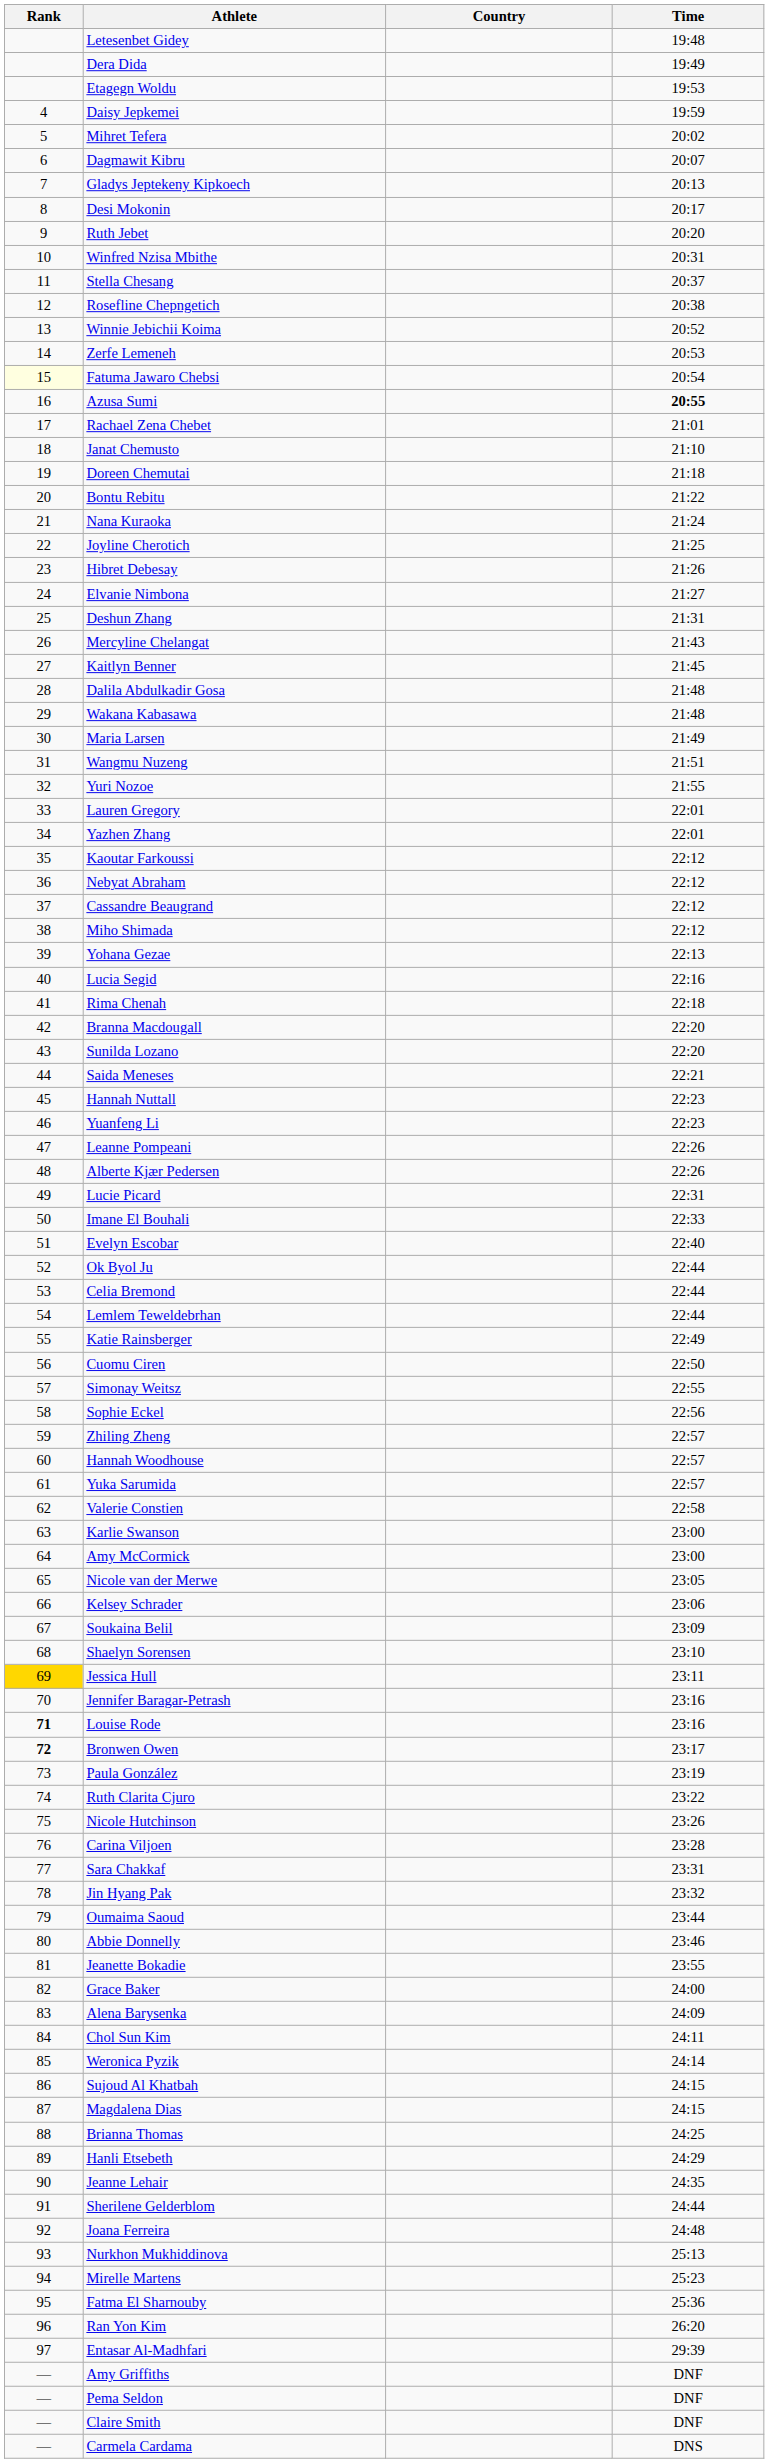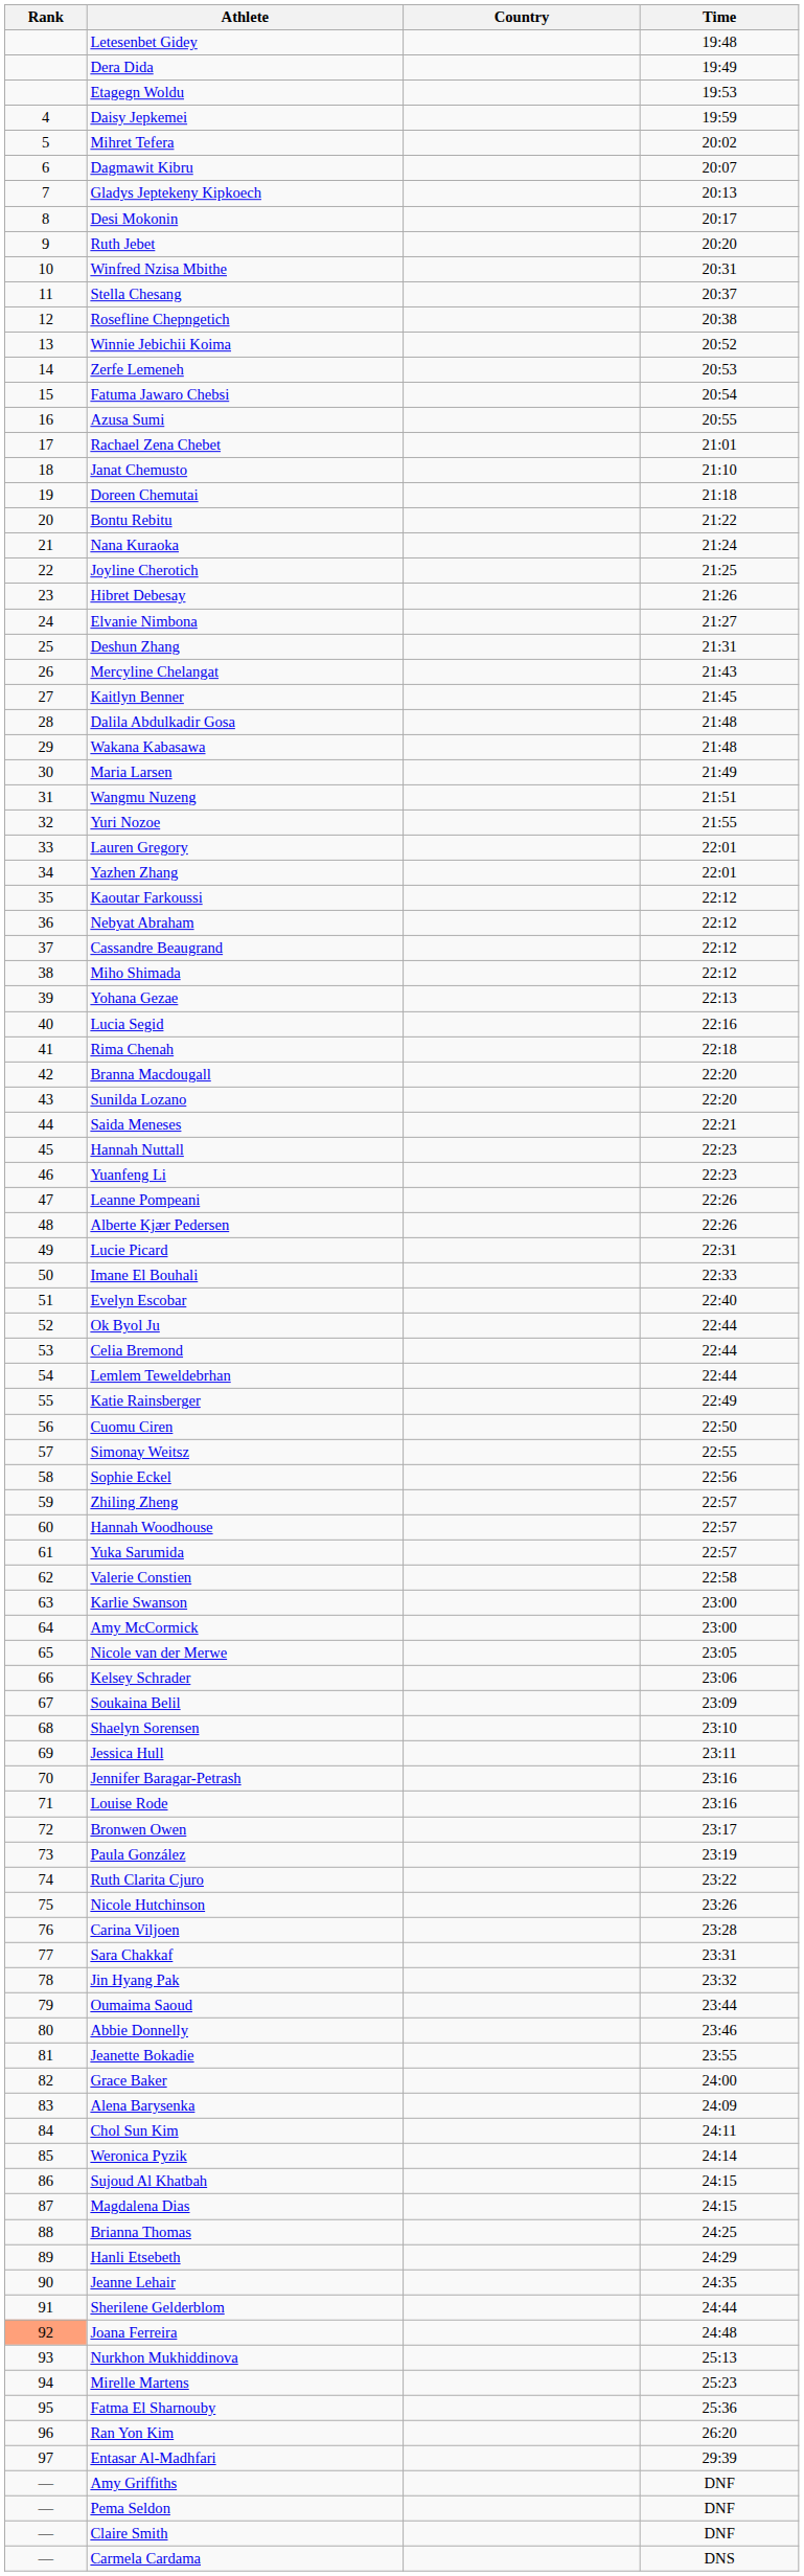 <table class="wikitable sortable" style=" text-align:center; font-size:95%;" width="50%">
 <tr>
 <th width=5%>Rank</th>
 <th width=20%>Athlete</th>
 <th width=15%>Country</th>
 <th width=10%>Time</th>
 </tr>
 <tr>
 <td align=center></td>
 <td align=left><a href='#'>Letesenbet Gidey</a></td>
 <td align=left></td>
 <td>19:48</td>
 </tr>
 <tr>
 <td align=center></td>
 <td align=left><a href='#'>Dera Dida</a></td>
 <td align=left></td>
 <td>19:49</td>
 </tr>
 <tr>
 <td align=center></td>
 <td align=left><a href='#'>Etagegn Woldu</a></td>
 <td align=left></td>
 <td>19:53</td>
 </tr>
 <tr>
 <td align=center>4</td>
 <td align=left><a href='#'>Daisy Jepkemei</a></td>
 <td align=left></td>
 <td>19:59</td>
 </tr>
 <tr>
 <td align=center>5</td>
 <td align=left><a href='#'>Mihret Tefera</a></td>
 <td align=left></td>
 <td>20:02</td>
 </tr>
 <tr>
 <td align=center>6</td>
 <td align=left><a href='#'>Dagmawit Kibru</a></td>
 <td align=left></td>
 <td>20:07</td>
 </tr>
 <tr>
 <td align=center>7</td>
 <td align=left><a href='#'>Gladys Jeptekeny Kipkoech</a></td>
 <td align=left></td>
 <td>20:13</td>
 </tr>
 <tr>
 <td align=center>8</td>
 <td align=left><a href='#'>Desi Mokonin</a></td>
 <td align=left></td>
 <td>20:17</td>
 </tr>
 <tr>
 <td align=center>9</td>
 <td align=left><a href='#'>Ruth Jebet</a></td>
 <td align=left></td>
 <td>20:20</td>
 </tr>
 <tr>
 <td align=center>10</td>
 <td align=left><a href='#'>Winfred Nzisa Mbithe</a></td>
 <td align=left></td>
 <td>20:31</td>
 </tr>
 <tr>
 <td align=center>11</td>
 <td align=left><a href='#'>Stella Chesang</a></td>
 <td align=left></td>
 <td>20:37</td>
 </tr>
 <tr>
 <td align=center>12</td>
 <td align=left><a href='#'>Rosefline Chepngetich</a></td>
 <td align=left></td>
 <td>20:38</td>
 </tr>
 <tr>
 <td align=center>13</td>
 <td align=left><a href='#'>Winnie Jebichii Koima</a></td>
 <td align=left></td>
 <td>20:52</td>
 </tr>
 <tr>
 <td align=center>14</td>
 <td align=left><a href='#'>Zerfe Lemeneh</a></td>
 <td align=left></td>
 <td>20:53</td>
 </tr>
 <tr>
-<td align=center style="background: lightyellow;">15</td>
+<td align=center>15</td>
 <td align=left><a href='#'>Fatuma Jawaro Chebsi</a></td>
 <td align=left></td>
 <td>20:54</td>
 </tr>
 <tr>
 <td align=center>16</td>
 <td align=left><a href='#'>Azusa Sumi</a></td>
 <td align=left></td>
-<td><strong>20:55</strong></td>
+<td>20:55</td>
 </tr>
 <tr>
 <td align=center>17</td>
 <td align=left><a href='#'>Rachael Zena Chebet</a></td>
 <td align=left></td>
 <td>21:01</td>
 </tr>
 <tr>
 <td align=center>18</td>
 <td align=left><a href='#'>Janat Chemusto</a></td>
 <td align=left></td>
 <td>21:10</td>
 </tr>
 <tr>
 <td align=center>19</td>
 <td align=left><a href='#'>Doreen Chemutai</a></td>
 <td align=left></td>
 <td>21:18</td>
 </tr>
 <tr>
 <td align=center>20</td>
 <td align=left><a href='#'>Bontu Rebitu</a></td>
 <td align=left></td>
 <td>21:22</td>
 </tr>
 <tr>
 <td align=center>21</td>
 <td align=left><a href='#'>Nana Kuraoka</a></td>
 <td align=left></td>
 <td>21:24</td>
 </tr>
 <tr>
 <td align=center>22</td>
 <td align=left><a href='#'>Joyline Cherotich</a></td>
 <td align=left></td>
 <td>21:25</td>
 </tr>
 <tr>
 <td align=center>23</td>
 <td align=left><a href='#'>Hibret Debesay</a></td>
 <td align=left></td>
 <td>21:26</td>
 </tr>
 <tr>
 <td align=center>24</td>
 <td align=left><a href='#'>Elvanie Nimbona</a></td>
 <td align=left></td>
 <td>21:27</td>
 </tr>
 <tr>
 <td align=center>25</td>
 <td align=left><a href='#'>Deshun Zhang</a></td>
 <td align=left></td>
 <td>21:31</td>
 </tr>
 <tr>
 <td align=center>26</td>
 <td align=left><a href='#'>Mercyline Chelangat</a></td>
 <td align=left></td>
 <td>21:43</td>
 </tr>
 <tr>
 <td align=center>27</td>
 <td align=left><a href='#'>Kaitlyn Benner</a></td>
 <td align=left></td>
 <td>21:45</td>
 </tr>
 <tr>
 <td align=center>28</td>
 <td align=left><a href='#'>Dalila Abdulkadir Gosa</a></td>
 <td align=left></td>
 <td>21:48</td>
 </tr>
 <tr>
 <td align=center>29</td>
 <td align=left><a href='#'>Wakana Kabasawa</a></td>
 <td align=left></td>
 <td>21:48</td>
 </tr>
 <tr>
 <td align=center>30</td>
 <td align=left><a href='#'>Maria Larsen</a></td>
 <td align=left></td>
 <td>21:49</td>
 </tr>
 <tr>
 <td align=center>31</td>
 <td align=left><a href='#'>Wangmu Nuzeng</a></td>
 <td align=left></td>
 <td>21:51</td>
 </tr>
 <tr>
 <td align=center>32</td>
 <td align=left><a href='#'>Yuri Nozoe</a></td>
 <td align=left></td>
 <td>21:55</td>
 </tr>
 <tr>
 <td align=center>33</td>
 <td align=left><a href='#'>Lauren Gregory</a></td>
 <td align=left></td>
 <td>22:01</td>
 </tr>
 <tr>
 <td align=center>34</td>
 <td align=left><a href='#'>Yazhen Zhang</a></td>
 <td align=left></td>
 <td>22:01</td>
 </tr>
 <tr>
 <td align=center>35</td>
 <td align=left><a href='#'>Kaoutar Farkoussi</a></td>
 <td align=left></td>
 <td>22:12</td>
 </tr>
 <tr>
 <td align=center>36</td>
 <td align=left><a href='#'>Nebyat Abraham</a></td>
 <td align=left></td>
 <td>22:12</td>
 </tr>
 <tr>
 <td align=center>37</td>
 <td align=left><a href='#'>Cassandre Beaugrand</a></td>
 <td align=left></td>
 <td>22:12</td>
 </tr>
 <tr>
 <td align=center>38</td>
 <td align=left><a href='#'>Miho Shimada</a></td>
 <td align=left></td>
 <td>22:12</td>
 </tr>
 <tr>
 <td align=center>39</td>
 <td align=left><a href='#'>Yohana Gezae</a></td>
 <td align=left></td>
 <td>22:13</td>
 </tr>
 <tr>
 <td align=center>40</td>
 <td align=left><a href='#'>Lucia Segid</a></td>
 <td align=left></td>
 <td>22:16</td>
 </tr>
 <tr>
 <td align=center>41</td>
 <td align=left><a href='#'>Rima Chenah</a></td>
 <td align=left></td>
 <td>22:18</td>
 </tr>
 <tr>
 <td align=center>42</td>
 <td align=left><a href='#'>Branna Macdougall</a></td>
 <td align=left></td>
 <td>22:20</td>
 </tr>
 <tr>
 <td align=center>43</td>
 <td align=left><a href='#'>Sunilda Lozano</a></td>
 <td align=left></td>
 <td>22:20</td>
 </tr>
 <tr>
 <td align=center>44</td>
 <td align=left><a href='#'>Saida Meneses</a></td>
 <td align=left></td>
 <td>22:21</td>
 </tr>
 <tr>
 <td align=center>45</td>
 <td align=left><a href='#'>Hannah Nuttall</a></td>
 <td align=left></td>
 <td>22:23</td>
 </tr>
 <tr>
 <td align=center>46</td>
 <td align=left><a href='#'>Yuanfeng Li</a></td>
 <td align=left></td>
 <td>22:23</td>
 </tr>
 <tr>
 <td align=center>47</td>
 <td align=left><a href='#'>Leanne Pompeani</a></td>
 <td align=left></td>
 <td>22:26</td>
 </tr>
 <tr>
 <td align=center>48</td>
 <td align=left><a href='#'>Alberte Kjær Pedersen</a></td>
 <td align=left></td>
 <td>22:26</td>
 </tr>
 <tr>
 <td align=center>49</td>
 <td align=left><a href='#'>Lucie Picard</a></td>
 <td align=left></td>
 <td>22:31</td>
 </tr>
 <tr>
 <td align=center>50</td>
 <td align=left><a href='#'>Imane El Bouhali</a></td>
 <td align=left></td>
 <td>22:33</td>
 </tr>
 <tr>
 <td align=center>51</td>
 <td align=left><a href='#'>Evelyn Escobar</a></td>
 <td align=left></td>
 <td>22:40</td>
 </tr>
 <tr>
 <td align=center>52</td>
 <td align=left><a href='#'>Ok Byol Ju</a></td>
 <td align=left></td>
 <td>22:44</td>
 </tr>
 <tr>
 <td align=center>53</td>
 <td align=left><a href='#'>Celia Bremond</a></td>
 <td align=left></td>
 <td>22:44</td>
 </tr>
 <tr>
 <td align=center>54</td>
 <td align=left><a href='#'>Lemlem Teweldebrhan</a></td>
 <td align=left></td>
 <td>22:44</td>
 </tr>
 <tr>
 <td align=center>55</td>
 <td align=left><a href='#'>Katie Rainsberger</a></td>
 <td align=left></td>
 <td>22:49</td>
 </tr>
 <tr>
 <td align=center>56</td>
 <td align=left><a href='#'>Cuomu Ciren</a></td>
 <td align=left></td>
 <td>22:50</td>
 </tr>
 <tr>
 <td align=center>57</td>
 <td align=left><a href='#'>Simonay Weitsz</a></td>
 <td align=left></td>
 <td>22:55</td>
 </tr>
 <tr>
 <td align=center>58</td>
 <td align=left><a href='#'>Sophie Eckel</a></td>
 <td align=left></td>
 <td>22:56</td>
 </tr>
 <tr>
 <td align=center>59</td>
 <td align=left><a href='#'>Zhiling Zheng</a></td>
 <td align=left></td>
 <td>22:57</td>
 </tr>
 <tr>
 <td align=center>60</td>
 <td align=left><a href='#'>Hannah Woodhouse</a></td>
 <td align=left></td>
 <td>22:57</td>
 </tr>
 <tr>
 <td align=center>61</td>
 <td align=left><a href='#'>Yuka Sarumida</a></td>
 <td align=left></td>
 <td>22:57</td>
 </tr>
 <tr>
 <td align=center>62</td>
 <td align=left><a href='#'>Valerie Constien</a></td>
 <td align=left></td>
 <td>22:58</td>
 </tr>
 <tr>
 <td align=center>63</td>
 <td align=left><a href='#'>Karlie Swanson</a></td>
 <td align=left></td>
 <td>23:00</td>
 </tr>
 <tr>
 <td align=center>64</td>
 <td align=left><a href='#'>Amy McCormick</a></td>
 <td align=left></td>
 <td>23:00</td>
 </tr>
 <tr>
 <td align=center>65</td>
 <td align=left><a href='#'>Nicole van der Merwe</a></td>
 <td align=left></td>
 <td>23:05</td>
 </tr>
 <tr>
 <td align=center>66</td>
 <td align=left><a href='#'>Kelsey Schrader</a></td>
 <td align=left></td>
 <td>23:06</td>
 </tr>
 <tr>
 <td align=center>67</td>
 <td align=left><a href='#'>Soukaina Belil</a></td>
 <td align=left></td>
 <td>23:09</td>
 </tr>
 <tr>
 <td align=center>68</td>
 <td align=left><a href='#'>Shaelyn Sorensen</a></td>
 <td align=left></td>
 <td>23:10</td>
 </tr>
 <tr>
-<td align=center style="background: gold;">69</td>
+<td align=center>69</td>
 <td align=left><a href='#'>Jessica Hull</a></td>
 <td align=left></td>
 <td>23:11</td>
 </tr>
 <tr>
 <td align=center>70</td>
 <td align=left><a href='#'>Jennifer Baragar-Petrash</a></td>
 <td align=left></td>
 <td>23:16</td>
 </tr>
 <tr>
-<td align=center><strong>71</strong></td>
+<td align=center>71</td>
 <td align=left><a href='#'>Louise Rode</a></td>
 <td align=left></td>
 <td>23:16</td>
 </tr>
 <tr>
-<td align=center><strong>72</strong></td>
+<td align=center>72</td>
 <td align=left><a href='#'>Bronwen Owen</a></td>
 <td align=left></td>
 <td>23:17</td>
 </tr>
 <tr>
 <td align=center>73</td>
 <td align=left><a href='#'>Paula González</a></td>
 <td align=left></td>
 <td>23:19</td>
 </tr>
 <tr>
 <td align=center>74</td>
 <td align=left><a href='#'>Ruth Clarita Cjuro</a></td>
 <td align=left></td>
 <td>23:22</td>
 </tr>
 <tr>
 <td align=center>75</td>
 <td align=left><a href='#'>Nicole Hutchinson</a></td>
 <td align=left></td>
 <td>23:26</td>
 </tr>
 <tr>
 <td align=center>76</td>
 <td align=left><a href='#'>Carina Viljoen</a></td>
 <td align=left></td>
 <td>23:28</td>
 </tr>
 <tr>
 <td align=center>77</td>
 <td align=left><a href='#'>Sara Chakkaf</a></td>
 <td align=left></td>
 <td>23:31</td>
 </tr>
 <tr>
 <td align=center>78</td>
 <td align=left><a href='#'>Jin Hyang Pak</a></td>
 <td align=left></td>
 <td>23:32</td>
 </tr>
 <tr>
 <td align=center>79</td>
 <td align=left><a href='#'>Oumaima Saoud</a></td>
 <td align=left></td>
 <td>23:44</td>
 </tr>
 <tr>
 <td align=center>80</td>
 <td align=left><a href='#'>Abbie Donnelly</a></td>
 <td align=left></td>
 <td>23:46</td>
 </tr>
 <tr>
 <td align=center>81</td>
 <td align=left><a href='#'>Jeanette Bokadie</a></td>
 <td align=left></td>
 <td>23:55</td>
 </tr>
 <tr>
 <td align=center>82</td>
 <td align=left><a href='#'>Grace Baker</a></td>
 <td align=left></td>
 <td>24:00</td>
 </tr>
 <tr>
 <td align=center>83</td>
 <td align=left><a href='#'>Alena Barysenka</a></td>
 <td align=left></td>
 <td>24:09</td>
 </tr>
 <tr>
 <td align=center>84</td>
 <td align=left><a href='#'>Chol Sun Kim</a></td>
 <td align=left></td>
 <td>24:11</td>
 </tr>
 <tr>
 <td align=center>85</td>
 <td align=left><a href='#'>Weronica Pyzik</a></td>
 <td align=left></td>
 <td>24:14</td>
 </tr>
 <tr>
 <td align=center>86</td>
 <td align=left><a href='#'>Sujoud Al Khatbah</a></td>
 <td align=left></td>
 <td>24:15</td>
 </tr>
 <tr>
 <td align=center>87</td>
 <td align=left><a href='#'>Magdalena Dias</a></td>
 <td align=left></td>
 <td>24:15</td>
 </tr>
 <tr>
 <td align=center>88</td>
 <td align=left><a href='#'>Brianna Thomas</a></td>
 <td align=left></td>
 <td>24:25</td>
 </tr>
 <tr>
 <td align=center>89</td>
 <td align=left><a href='#'>Hanli Etsebeth</a></td>
 <td align=left></td>
 <td>24:29</td>
 </tr>
 <tr>
 <td align=center>90</td>
 <td align=left><a href='#'>Jeanne Lehair</a></td>
 <td align=left></td>
 <td>24:35</td>
 </tr>
 <tr>
 <td align=center>91</td>
 <td align=left><a href='#'>Sherilene Gelderblom</a></td>
 <td align=left></td>
 <td>24:44</td>
 </tr>
 <tr>
-<td align=center>92</td>
+<td align=center style="background: lightsalmon;">92</td>
 <td align=left><a href='#'>Joana Ferreira</a></td>
 <td align=left></td>
 <td>24:48</td>
 </tr>
 <tr>
 <td align=center>93</td>
 <td align=left><a href='#'>Nurkhon Mukhiddinova</a></td>
 <td align=left></td>
 <td>25:13</td>
 </tr>
 <tr>
 <td align=center>94</td>
 <td align=left><a href='#'>Mirelle Martens</a></td>
 <td align=left></td>
 <td>25:23</td>
 </tr>
 <tr>
 <td align=center>95</td>
 <td align=left><a href='#'>Fatma El Sharnouby</a></td>
 <td align=left></td>
 <td>25:36</td>
 </tr>
 <tr>
 <td align=center>96</td>
 <td align=left><a href='#'>Ran Yon Kim</a></td>
 <td align=left></td>
 <td>26:20</td>
 </tr>
 <tr>
 <td align=center>97</td>
 <td align=left><a href='#'>Entasar Al-Madhfari</a></td>
 <td align=left></td>
 <td>29:39</td>
 </tr>
 <tr>
 <td align=center>—</td>
 <td align=left><a href='#'>Amy Griffiths</a></td>
 <td align=left></td>
 <td>DNF</td>
 </tr>
 <tr>
 <td align=center>—</td>
 <td align=left><a href='#'>Pema Seldon</a></td>
 <td align=left></td>
 <td>DNF</td>
 </tr>
 <tr>
 <td align=center>—</td>
 <td align=left><a href='#'>Claire Smith</a></td>
 <td align=left></td>
 <td>DNF</td>
 </tr>
 <tr>
 <td align=center>—</td>
 <td align=left><a href='#'>Carmela Cardama</a></td>
 <td align=left></td>
 <td>DNS</td>
 </tr>
 </table>
